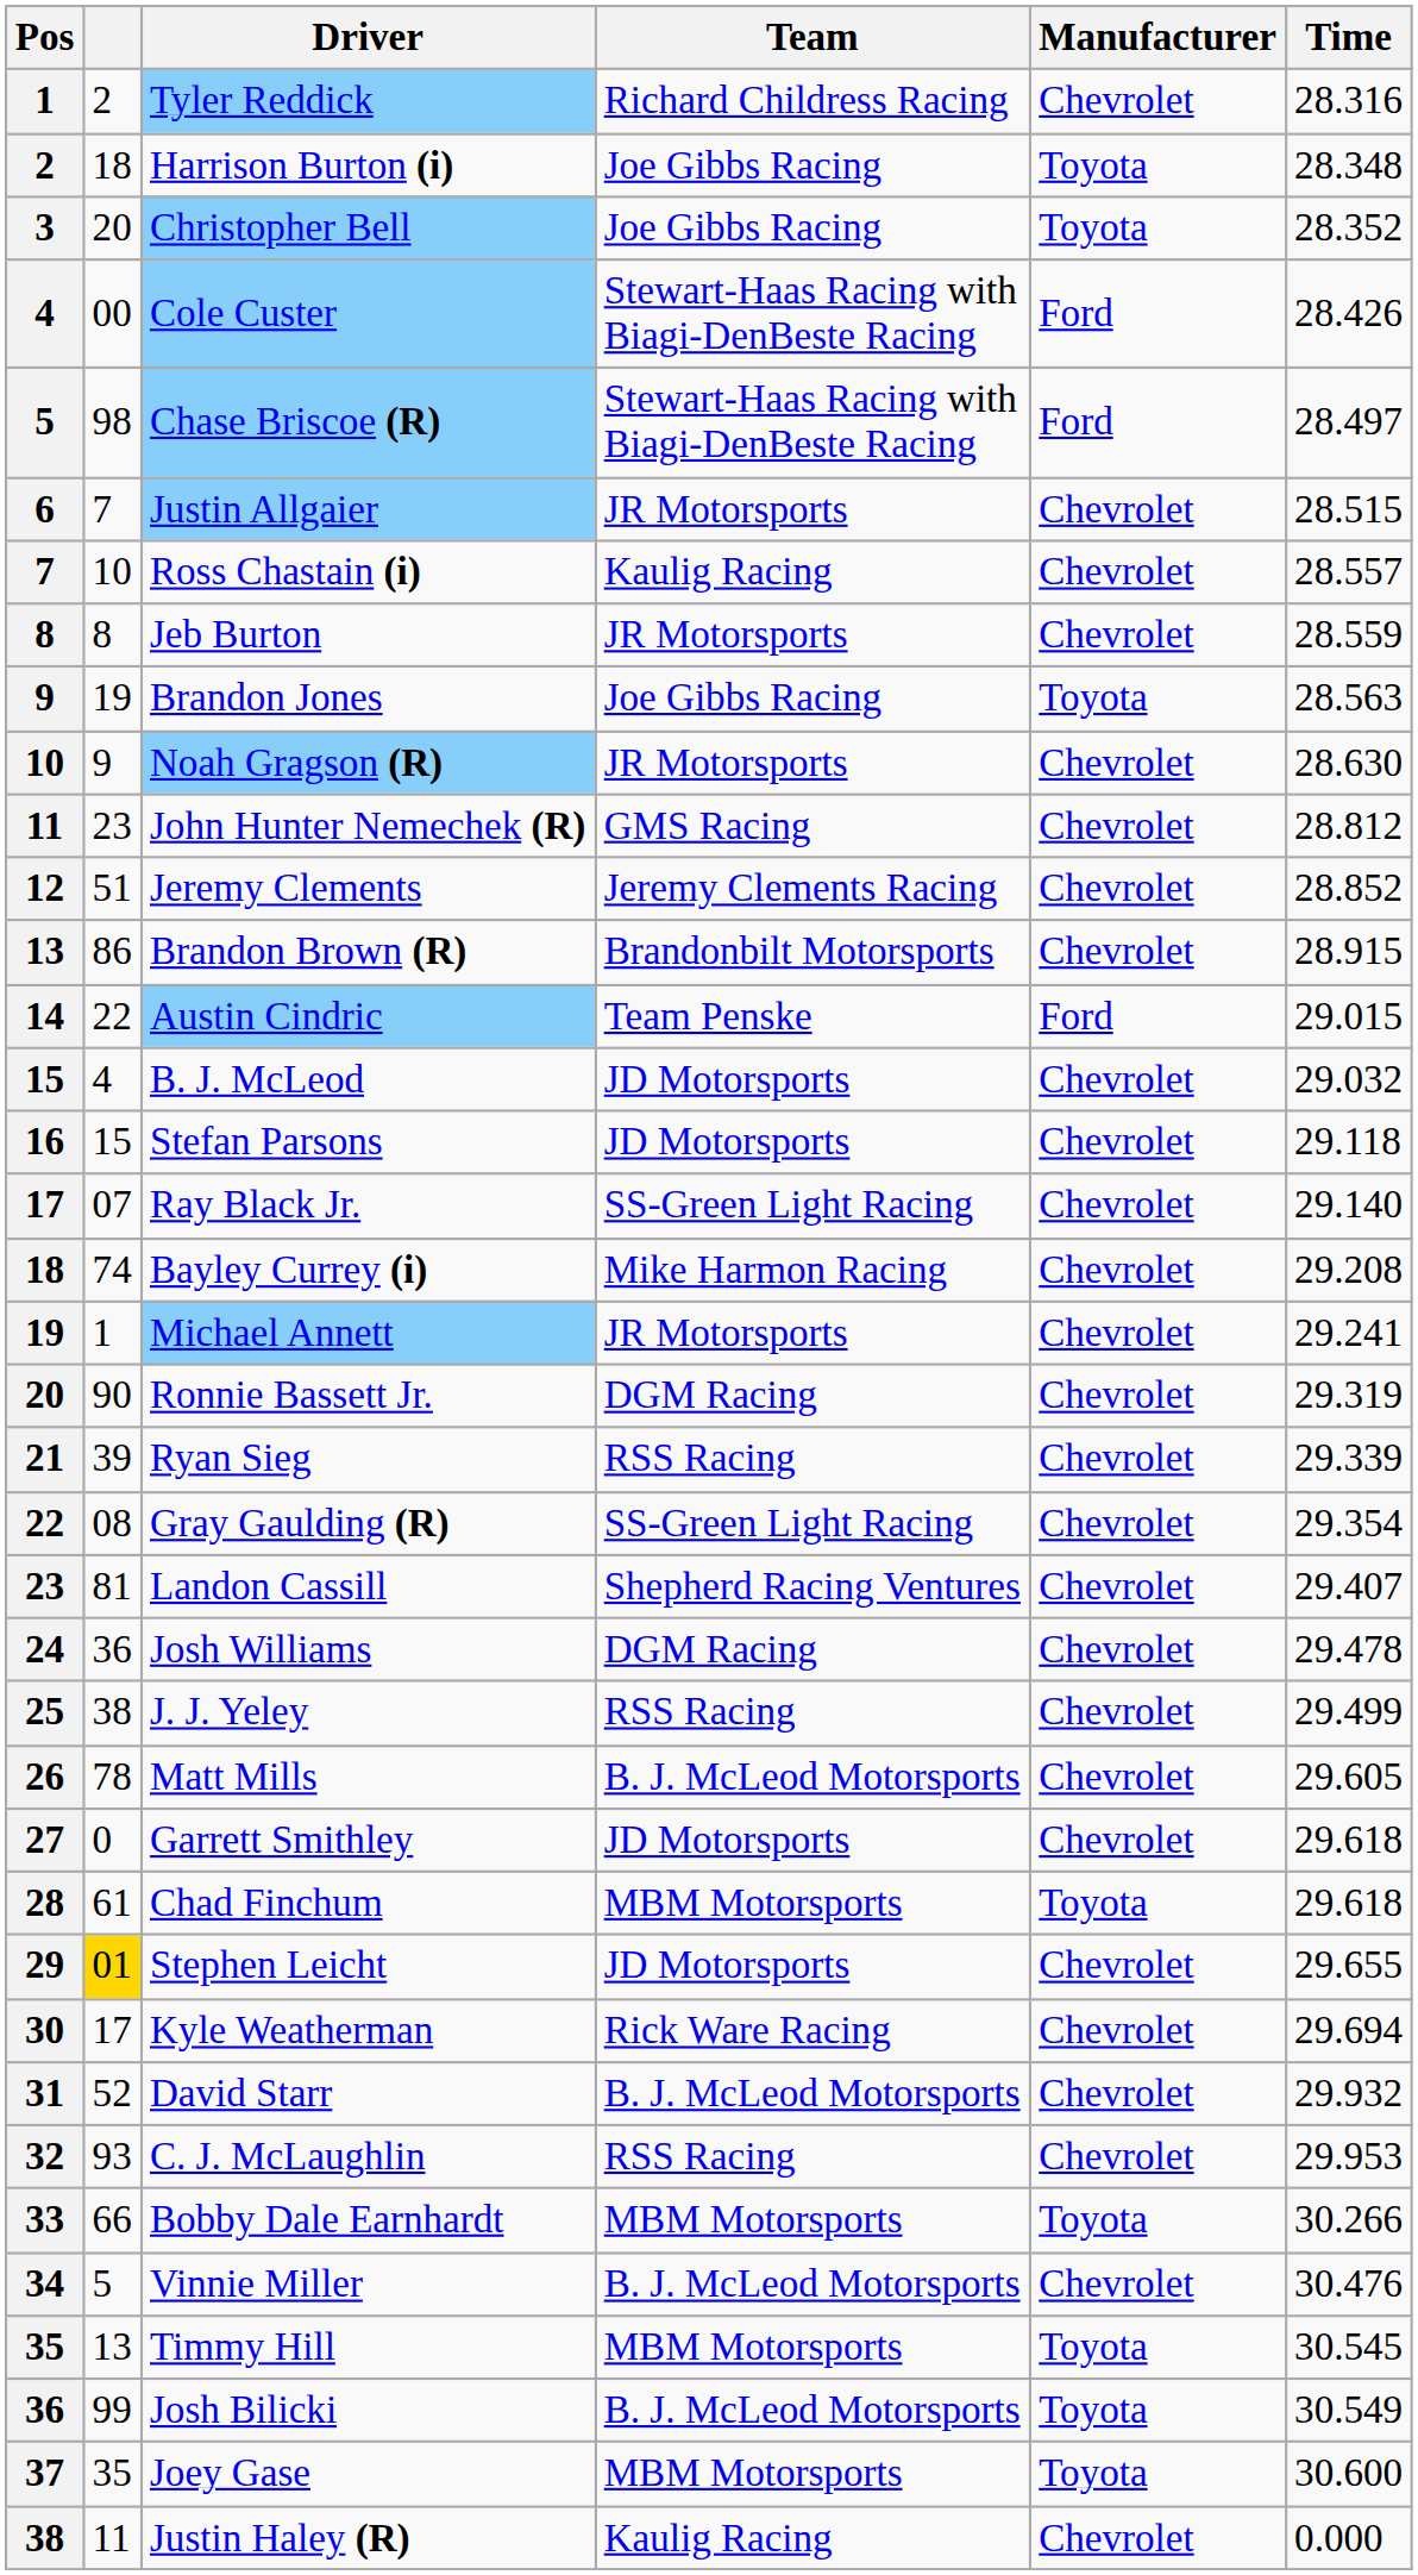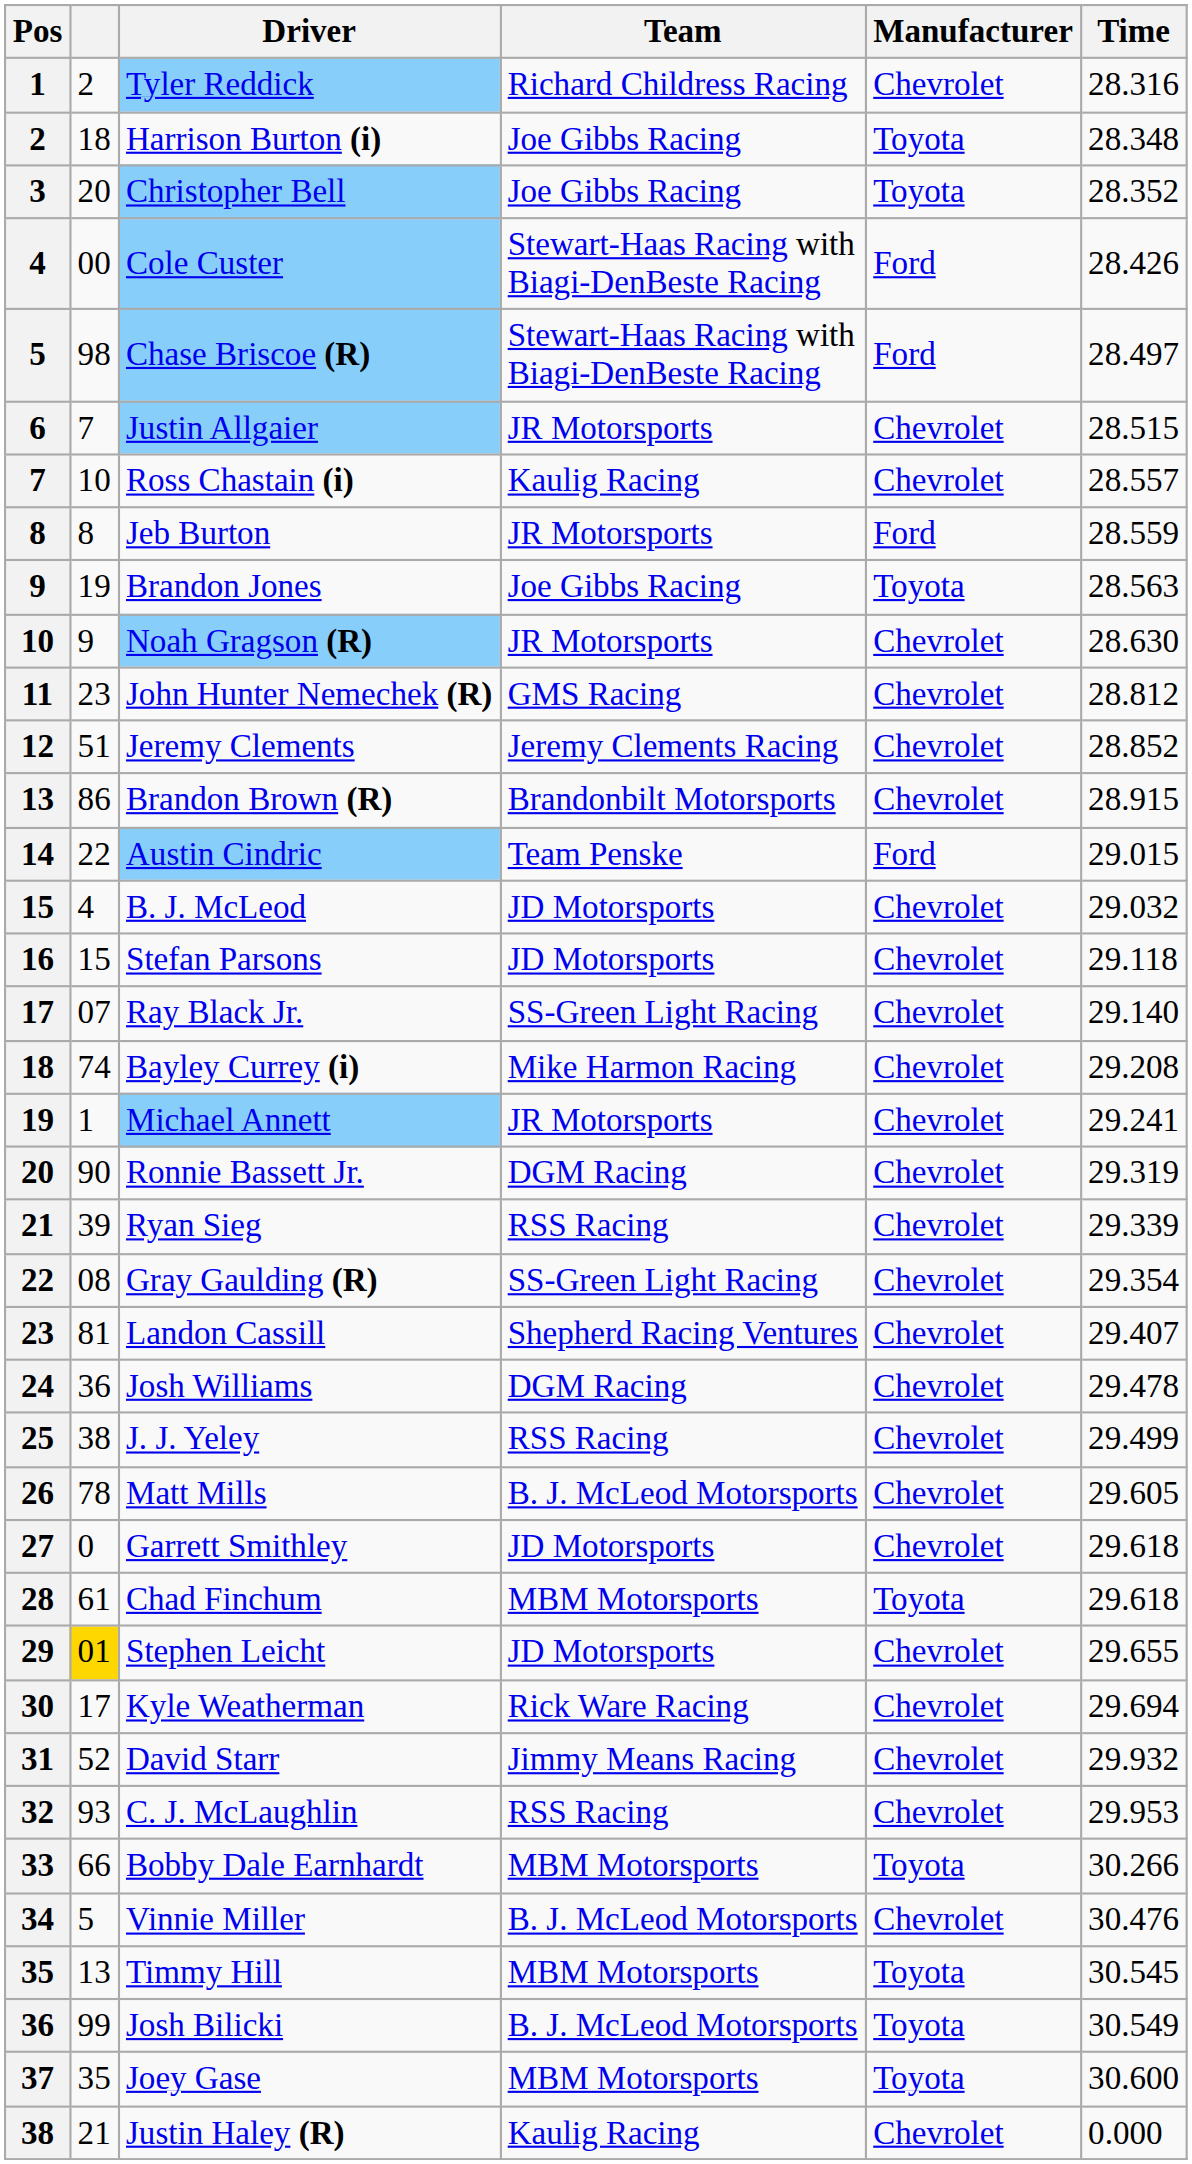 <table class="wikitable" style="font-size:98%">
 <tr>
 <th>Pos</th>
 <th></th>
 <th>Driver</th>
 <th>Team</th>
 <th>Manufacturer</th>
 <th>Time</th>
 </tr>
 <tr>
 <th>1</th>
 <td>2</td>
 <td style="text-align:left;background:#87CEFA"><a href='#'>Tyler Reddick</a></td>
 <td><a href='#'>Richard Childress Racing</a></td>
 <td><a href='#'>Chevrolet</a></td>
 <td>28.316</td>
 </tr>
 <tr>
 <th>2</th>
 <td>18</td>
 <td><a href='#'>Harrison Burton</a> <strong>(i)</strong></td>
 <td><a href='#'>Joe Gibbs Racing</a></td>
 <td><a href='#'>Toyota</a></td>
 <td>28.348</td>
 </tr>
 <tr>
 <th>3</th>
 <td>20</td>
 <td style="text-align:left;background:#87CEFA"><a href='#'>Christopher Bell</a></td>
 <td><a href='#'>Joe Gibbs Racing</a></td>
 <td><a href='#'>Toyota</a></td>
 <td>28.352</td>
 </tr>
 <tr>
 <th>4</th>
 <td>00</td>
 <td style="text-align:left;background:#87CEFA"><a href='#'>Cole Custer</a></td>
 <td><a href='#'>Stewart-Haas Racing</a> with <br> <a href='#'>Biagi-DenBeste Racing</a></td>
 <td><a href='#'>Ford</a></td>
 <td>28.426</td>
 </tr>
 <tr>
 <th>5</th>
 <td>98</td>
 <td style="text-align:left;background:#87CEFA"><a href='#'>Chase Briscoe</a> <strong>(R)</strong></td>
 <td><a href='#'>Stewart-Haas Racing</a> with <br> <a href='#'>Biagi-DenBeste Racing</a></td>
 <td><a href='#'>Ford</a></td>
 <td>28.497</td>
 </tr>
 <tr>
 <th>6</th>
 <td>7</td>
 <td style="text-align:left;background:#87CEFA"><a href='#'>Justin Allgaier</a></td>
 <td><a href='#'>JR Motorsports</a></td>
 <td><a href='#'>Chevrolet</a></td>
 <td>28.515</td>
 </tr>
 <tr>
 <th>7</th>
 <td>10</td>
 <td><a href='#'>Ross Chastain</a> <strong>(i)</strong></td>
 <td><a href='#'>Kaulig Racing</a></td>
 <td><a href='#'>Chevrolet</a></td>
 <td>28.557</td>
 </tr>
 <tr>
 <th>8</th>
 <td>8</td>
 <td><a href='#'>Jeb Burton</a></td>
 <td><a href='#'>JR Motorsports</a></td>
-<td><a href='#'>Chevrolet</a></td>
+<td><a href='#'>Ford</a></td>
 <td>28.559</td>
 </tr>
 <tr>
 <th>9</th>
 <td>19</td>
 <td><a href='#'>Brandon Jones</a></td>
 <td><a href='#'>Joe Gibbs Racing</a></td>
 <td><a href='#'>Toyota</a></td>
 <td>28.563</td>
 </tr>
 <tr>
 <th>10</th>
 <td>9</td>
 <td style="text-align:left;background:#87CEFA"><a href='#'>Noah Gragson</a> <strong>(R)</strong></td>
 <td><a href='#'>JR Motorsports</a></td>
 <td><a href='#'>Chevrolet</a></td>
 <td>28.630</td>
 </tr>
 <tr>
 <th>11</th>
 <td>23</td>
 <td><a href='#'>John Hunter Nemechek</a> <strong>(R)</strong></td>
 <td><a href='#'>GMS Racing</a></td>
 <td><a href='#'>Chevrolet</a></td>
 <td>28.812</td>
 </tr>
 <tr>
 <th>12</th>
 <td>51</td>
 <td><a href='#'>Jeremy Clements</a></td>
 <td><a href='#'>Jeremy Clements Racing</a></td>
 <td><a href='#'>Chevrolet</a></td>
 <td>28.852</td>
 </tr>
 <tr>
 <th>13</th>
 <td>86</td>
 <td><a href='#'>Brandon Brown</a> <strong>(R)</strong></td>
 <td><a href='#'>Brandonbilt Motorsports</a></td>
 <td><a href='#'>Chevrolet</a></td>
 <td>28.915</td>
 </tr>
 <tr>
 <th>14</th>
 <td>22</td>
 <td style="text-align:left;background:#87CEFA"><a href='#'>Austin Cindric</a></td>
 <td><a href='#'>Team Penske</a></td>
 <td><a href='#'>Ford</a></td>
 <td>29.015</td>
 </tr>
 <tr>
 <th>15</th>
 <td>4</td>
 <td><a href='#'>B. J. McLeod</a></td>
 <td><a href='#'>JD Motorsports</a></td>
 <td><a href='#'>Chevrolet</a></td>
 <td>29.032</td>
 </tr>
 <tr>
 <th>16</th>
 <td>15</td>
 <td><a href='#'>Stefan Parsons</a></td>
 <td><a href='#'>JD Motorsports</a></td>
 <td><a href='#'>Chevrolet</a></td>
 <td>29.118</td>
 </tr>
 <tr>
 <th>17</th>
 <td>07</td>
 <td><a href='#'>Ray Black Jr.</a></td>
 <td><a href='#'>SS-Green Light Racing</a></td>
 <td><a href='#'>Chevrolet</a></td>
 <td>29.140</td>
 </tr>
 <tr>
 <th>18</th>
 <td>74</td>
 <td><a href='#'>Bayley Currey</a> <strong>(i)</strong></td>
 <td><a href='#'>Mike Harmon Racing</a></td>
 <td><a href='#'>Chevrolet</a></td>
 <td>29.208</td>
 </tr>
 <tr>
 <th>19</th>
 <td>1</td>
 <td style="text-align:left;background:#87CEFA"><a href='#'>Michael Annett</a></td>
 <td><a href='#'>JR Motorsports</a></td>
 <td><a href='#'>Chevrolet</a></td>
 <td>29.241</td>
 </tr>
 <tr>
 <th>20</th>
 <td>90</td>
 <td><a href='#'>Ronnie Bassett Jr.</a></td>
 <td><a href='#'>DGM Racing</a></td>
 <td><a href='#'>Chevrolet</a></td>
 <td>29.319</td>
 </tr>
 <tr>
 <th>21</th>
 <td>39</td>
 <td><a href='#'>Ryan Sieg</a></td>
 <td><a href='#'>RSS Racing</a></td>
 <td><a href='#'>Chevrolet</a></td>
 <td>29.339</td>
 </tr>
 <tr>
 <th>22</th>
 <td>08</td>
 <td><a href='#'>Gray Gaulding</a> <strong>(R)</strong></td>
 <td><a href='#'>SS-Green Light Racing</a></td>
 <td><a href='#'>Chevrolet</a></td>
 <td>29.354</td>
 </tr>
 <tr>
 <th>23</th>
 <td>81</td>
 <td><a href='#'>Landon Cassill</a></td>
 <td><a href='#'>Shepherd Racing Ventures</a></td>
 <td><a href='#'>Chevrolet</a></td>
 <td>29.407</td>
 </tr>
 <tr>
 <th>24</th>
 <td>36</td>
 <td><a href='#'>Josh Williams</a></td>
 <td><a href='#'>DGM Racing</a></td>
 <td><a href='#'>Chevrolet</a></td>
 <td>29.478</td>
 </tr>
 <tr>
 <th>25</th>
 <td>38</td>
 <td><a href='#'>J. J. Yeley</a></td>
 <td><a href='#'>RSS Racing</a></td>
 <td><a href='#'>Chevrolet</a></td>
 <td>29.499</td>
 </tr>
 <tr>
 <th>26</th>
 <td>78</td>
 <td><a href='#'>Matt Mills</a></td>
 <td><a href='#'>B. J. McLeod Motorsports</a></td>
 <td><a href='#'>Chevrolet</a></td>
 <td>29.605</td>
 </tr>
 <tr>
 <th>27</th>
 <td>0</td>
 <td><a href='#'>Garrett Smithley</a></td>
 <td><a href='#'>JD Motorsports</a></td>
 <td><a href='#'>Chevrolet</a></td>
 <td>29.618</td>
 </tr>
 <tr>
 <th>28</th>
 <td>61</td>
 <td><a href='#'>Chad Finchum</a></td>
 <td><a href='#'>MBM Motorsports</a></td>
 <td><a href='#'>Toyota</a></td>
 <td>29.618</td>
 </tr>
 <tr>
 <th>29</th>
 <td style="background: gold;">01</td>
 <td><a href='#'>Stephen Leicht</a></td>
 <td><a href='#'>JD Motorsports</a></td>
 <td><a href='#'>Chevrolet</a></td>
 <td>29.655</td>
 </tr>
 <tr>
 <th>30</th>
 <td>17</td>
 <td><a href='#'>Kyle Weatherman</a></td>
 <td><a href='#'>Rick Ware Racing</a></td>
 <td><a href='#'>Chevrolet</a></td>
 <td>29.694</td>
 </tr>
 <tr>
 <th>31</th>
 <td>52</td>
 <td><a href='#'>David Starr</a></td>
-<td><a href='#'>B. J. McLeod Motorsports</a></td>
+<td><a href='#'>Jimmy Means Racing</a></td>
 <td><a href='#'>Chevrolet</a></td>
 <td>29.932</td>
 </tr>
 <tr>
 <th>32</th>
 <td>93</td>
 <td><a href='#'>C. J. McLaughlin</a></td>
 <td><a href='#'>RSS Racing</a></td>
 <td><a href='#'>Chevrolet</a></td>
 <td>29.953</td>
 </tr>
 <tr>
 <th>33</th>
 <td>66</td>
 <td><a href='#'>Bobby Dale Earnhardt</a></td>
 <td><a href='#'>MBM Motorsports</a></td>
 <td><a href='#'>Toyota</a></td>
 <td>30.266</td>
 </tr>
 <tr>
 <th>34</th>
 <td>5</td>
 <td><a href='#'>Vinnie Miller</a></td>
 <td><a href='#'>B. J. McLeod Motorsports</a></td>
 <td><a href='#'>Chevrolet</a></td>
 <td>30.476</td>
 </tr>
 <tr>
 <th>35</th>
 <td>13</td>
 <td><a href='#'>Timmy Hill</a></td>
 <td><a href='#'>MBM Motorsports</a></td>
 <td><a href='#'>Toyota</a></td>
 <td>30.545</td>
 </tr>
 <tr>
 <th>36</th>
 <td>99</td>
 <td><a href='#'>Josh Bilicki</a></td>
 <td><a href='#'>B. J. McLeod Motorsports</a></td>
 <td><a href='#'>Toyota</a></td>
 <td>30.549</td>
 </tr>
 <tr>
 <th>37</th>
 <td>35</td>
 <td><a href='#'>Joey Gase</a></td>
 <td><a href='#'>MBM Motorsports</a></td>
 <td><a href='#'>Toyota</a></td>
 <td>30.600</td>
 </tr>
 <tr>
 <th>38</th>
-<td>11</td>
+<td>21</td>
 <td><a href='#'>Justin Haley</a> <strong>(R)</strong></td>
 <td><a href='#'>Kaulig Racing</a></td>
 <td><a href='#'>Chevrolet</a></td>
 <td>0.000</td>
 </tr>
 <tr>
 </tr>
 </table>
